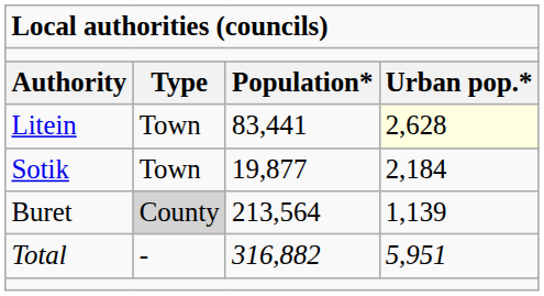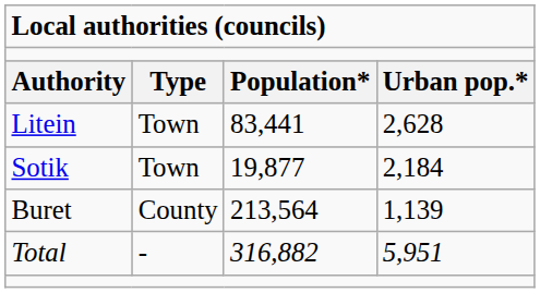 <table class="wikitable">
 <tr>
 <td colspan="4"><strong>Local authorities (councils)</strong></td>
 </tr>
 <tr>
 <td colspan="4"></td>
 </tr>
 <tr>
 <th>Authority</th>
 <th>Type</th>
 <th>Population*</th>
 <th>Urban pop.*</th>
 </tr>
 <tr>
 <td><a href='#'>Litein</a></td>
 <td>Town</td>
 <td>83,441</td>
-<td style="background: lightyellow;">2,628</td>
+<td>2,628</td>
 </tr>
 <tr>
 <td><a href='#'>Sotik</a></td>
 <td>Town</td>
 <td>19,877</td>
 <td>2,184</td>
 </tr>
 <tr>
 <td>Buret</td>
-<td style="background: lightgrey;">County</td>
+<td>County</td>
 <td>213,564</td>
 <td>1,139</td>
 </tr>
 <tr>
 <td><em>Total</em></td>
 <td>-</td>
 <td><em>316,882</em></td>
 <td><em>5,951</em></td>
 </tr>
 <tr>
 <td colspan="4"></td>
 </tr>
 </table>
